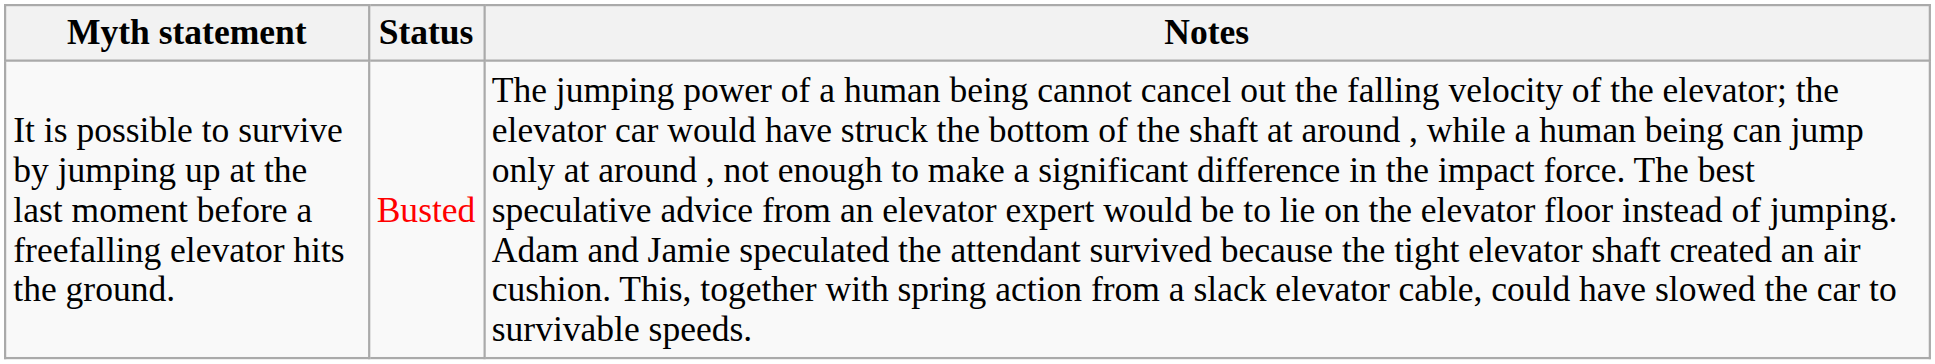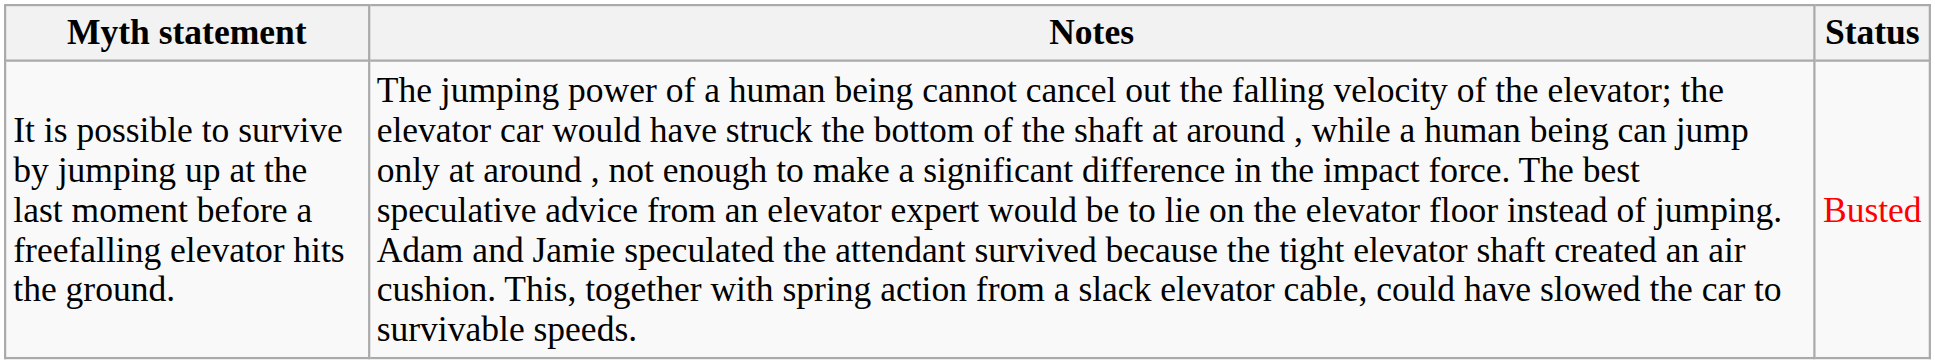 <table class="wikitable plainrowheaders">
 <tr>
 <th>Myth statement</th>
+<th>Notes</th>
 <th>Status</th>
-<th>Notes</th>
 </tr>
 <tr>
 <td>It is possible to survive by jumping up at the last moment before a freefalling elevator hits the ground.</td>
+<td>The jumping power of a human being cannot cancel out the falling velocity of the elevator; the elevator car would have struck the bottom of the shaft at around , while a human being can jump only at around , not enough to make a significant difference in the impact force. The best speculative advice from an elevator expert would be to lie on the elevator floor instead of jumping. Adam and Jamie speculated the attendant survived because the tight elevator shaft created an air cushion. This, together with spring action from a slack elevator cable, could have slowed the car to survivable speeds.</td>
 <td style="color:red">Busted</td>
-<td>The jumping power of a human being cannot cancel out the falling velocity of the elevator; the elevator car would have struck the bottom of the shaft at around , while a human being can jump only at around , not enough to make a significant difference in the impact force. The best speculative advice from an elevator expert would be to lie on the elevator floor instead of jumping. Adam and Jamie speculated the attendant survived because the tight elevator shaft created an air cushion. This, together with spring action from a slack elevator cable, could have slowed the car to survivable speeds.</td>
 </tr>
 </table>
